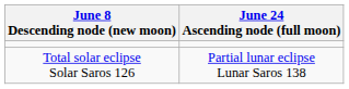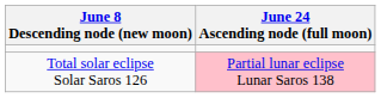 <table class="wikitable">
 <tr>
 <th><a href='#'>June 8</a><br>Descending node (new moon)</th>
 <th><a href='#'>June 24</a><br>Ascending node (full moon)</th>
 </tr>
 <tr>
 <td></td>
 <td></td>
 </tr>
 <tr align=center>
 <td><a href='#'>Total solar eclipse</a><br>Solar Saros 126</td>
-<td><a href='#'>Partial lunar eclipse</a><br>Lunar Saros 138</td>
+<td style="background: pink;"><a href='#'>Partial lunar eclipse</a><br>Lunar Saros 138</td>
 </tr>
 </table>
